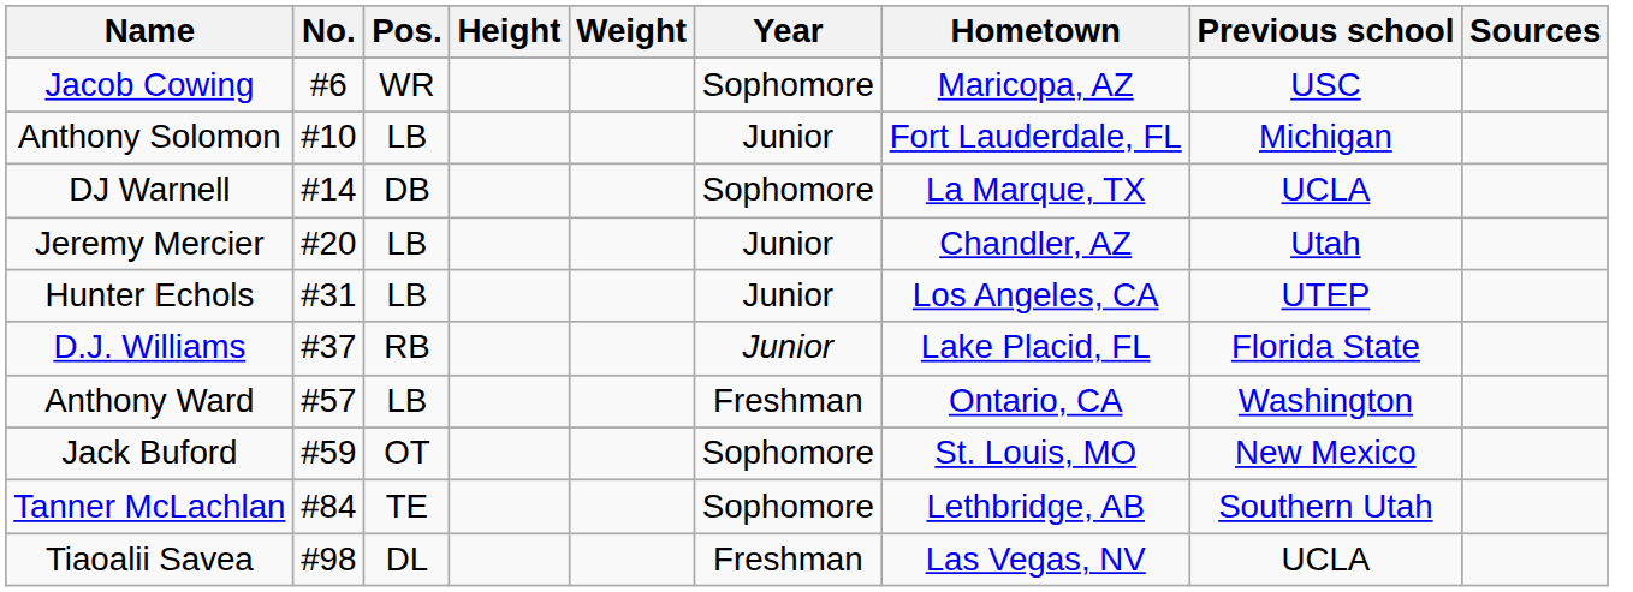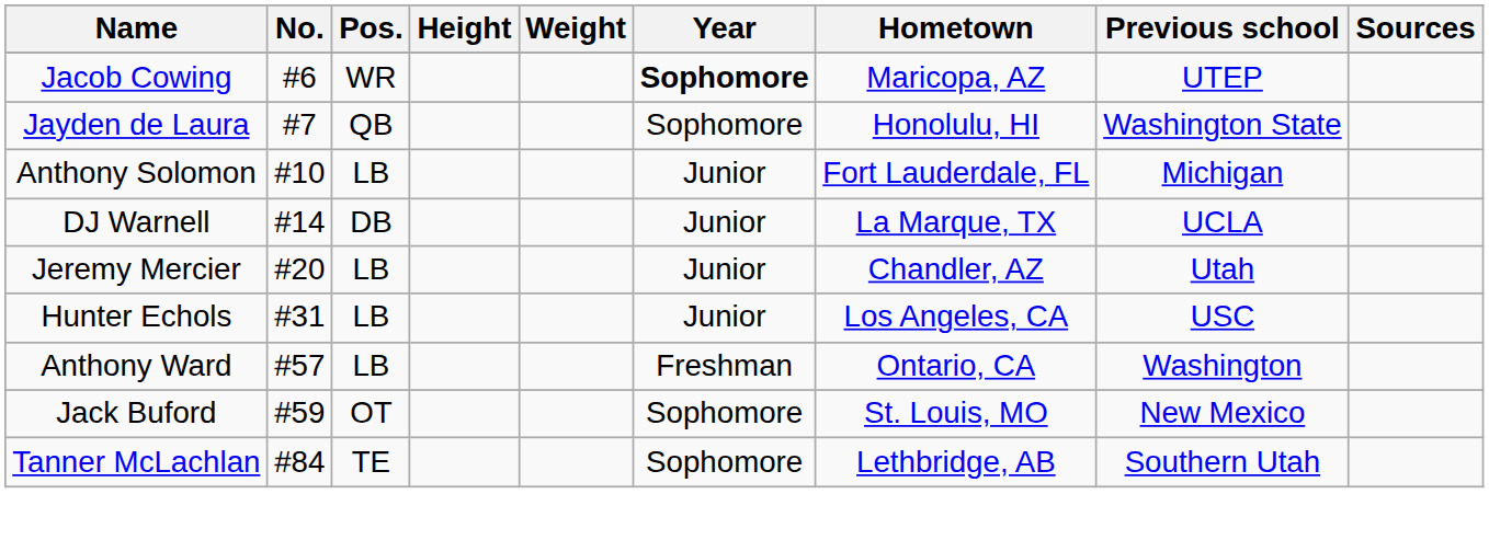 <table class="wikitable sortable sortable" style="text-align: center">
 <tr align=center>
 <th style="text-align:center; ">Name</th>
 <th style="text-align:center; ">No.</th>
 <th style="text-align:center; ">Pos.</th>
 <th style="text-align:center; ">Height</th>
 <th style="text-align:center; ">Weight</th>
 <th style="text-align:center; ">Year</th>
 <th style="text-align:center; ">Hometown</th>
 <th style="text-align:center; ">Previous school</th>
 <th style="text-align:center; ">Sources</th>
 </tr>
 <tr>
 </tr>
 <tr>
 <td><a href='#'>Jacob Cowing</a></td>
 <td>#6</td>
 <td>WR</td>
 <td></td>
 <td></td>
+<td><strong>Sophomore</strong></td>
+<td><a href='#'>Maricopa, AZ</a></td>
+<td><a href='#'>UTEP</a></td>
+<td></td>
+</tr>
+<tr>
+<td><a href='#'>Jayden de Laura</a></td>
+<td>#7</td>
+<td>QB</td>
+<td></td>
+<td></td>
 <td>Sophomore</td>
-<td><a href='#'>Maricopa, AZ</a></td>
-<td><a href='#'>USC</a></td>
+<td><a href='#'>Honolulu, HI</a></td>
+<td><a href='#'>Washington State</a></td>
 <td></td>
 </tr>
 <tr>
 <td>Anthony Solomon</td>
 <td>#10</td>
 <td>LB</td>
 <td></td>
 <td></td>
 <td>Junior</td>
 <td><a href='#'>Fort Lauderdale, FL</a></td>
 <td><a href='#'>Michigan</a></td>
 <td></td>
 </tr>
 <tr>
 <td>DJ Warnell</td>
 <td>#14</td>
 <td>DB</td>
 <td></td>
 <td></td>
-<td>Sophomore</td>
+<td>Junior</td>
 <td><a href='#'>La Marque, TX</a></td>
 <td><a href='#'>UCLA</a></td>
 <td></td>
 </tr>
 <tr>
 <td>Jeremy Mercier</td>
 <td>#20</td>
 <td>LB</td>
 <td></td>
 <td></td>
 <td>Junior</td>
 <td><a href='#'>Chandler, AZ</a></td>
 <td><a href='#'>Utah</a></td>
 <td></td>
 </tr>
 <tr>
 <td>Hunter Echols</td>
 <td>#31</td>
 <td>LB</td>
 <td></td>
 <td></td>
 <td>Junior</td>
 <td><a href='#'>Los Angeles, CA</a></td>
-<td><a href='#'>UTEP</a></td>
-<td></td>
-</tr>
-<tr>
-<td><a href='#'>D.J. Williams</a></td>
-<td>#37</td>
-<td>RB</td>
-<td></td>
-<td></td>
-<td><em> Junior</em></td>
-<td><a href='#'>Lake Placid, FL</a></td>
-<td><a href='#'>Florida State</a></td>
+<td><a href='#'>USC</a></td>
 <td></td>
 </tr>
 <tr>
 <td>Anthony Ward</td>
 <td>#57</td>
 <td>LB</td>
 <td></td>
 <td></td>
 <td>Freshman</td>
 <td><a href='#'>Ontario, CA</a></td>
 <td><a href='#'>Washington</a></td>
 <td></td>
 </tr>
 <tr>
 <td>Jack Buford</td>
 <td>#59</td>
 <td>OT</td>
 <td></td>
 <td></td>
 <td>Sophomore</td>
 <td><a href='#'>St. Louis, MO</a></td>
 <td><a href='#'>New Mexico</a></td>
 <td></td>
 </tr>
 <tr>
 <td><a href='#'>Tanner McLachlan</a></td>
 <td>#84</td>
 <td>TE</td>
 <td></td>
 <td></td>
 <td>Sophomore</td>
 <td><a href='#'>Lethbridge, AB</a></td>
 <td><a href='#'>Southern Utah</a></td>
 <td></td>
 </tr>
-<tr>
-<td>Tiaoalii Savea</td>
-<td>#98</td>
-<td>DL</td>
-<td></td>
-<td></td>
-<td>Freshman</td>
-<td><a href='#'>Las Vegas, NV</a></td>
-<td>UCLA</td>
-<td></td>
-</tr>
 </table>
